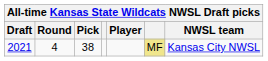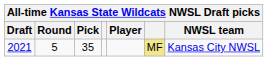 <table class="wikitable sortable" style="text-align: center;">
 <tr>
 <th colspan="7" style="background:#">All-time <a href='#'><span>Kansas State Wildcats</span></a> NWSL Draft picks</th>
 </tr>
 <tr>
 <th scope="col">Draft</th>
 <th scope="col">Round</th>
 <th scope="col">Pick</th>
 <th scope="col"></th>
 <th scope="col">Player</th>
 <th scope="col"></th>
 <th scope="col">NWSL team</th>
 </tr>
 <tr>
 <td><a href='#'>2021</a></td>
-<td>4</td>
-<td>38</td>
+<td>5</td>
+<td>35</td>
 <td></td>
 <td></td>
 <td style="background: khaki;">MF</td>
 <td><a href='#'>Kansas City NWSL</a></td>
 </tr>
 </table>
